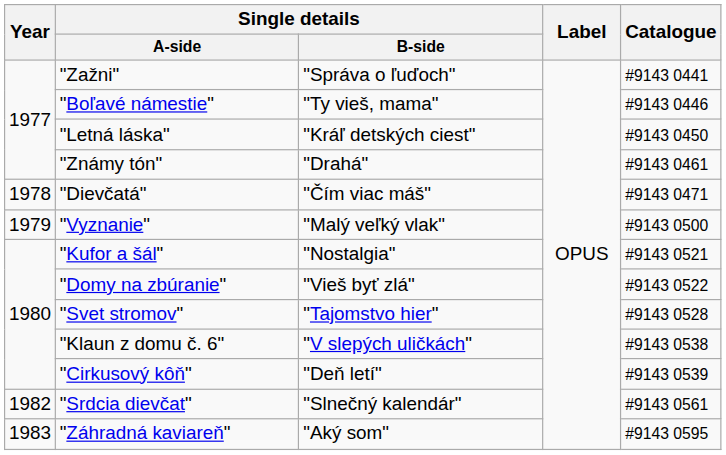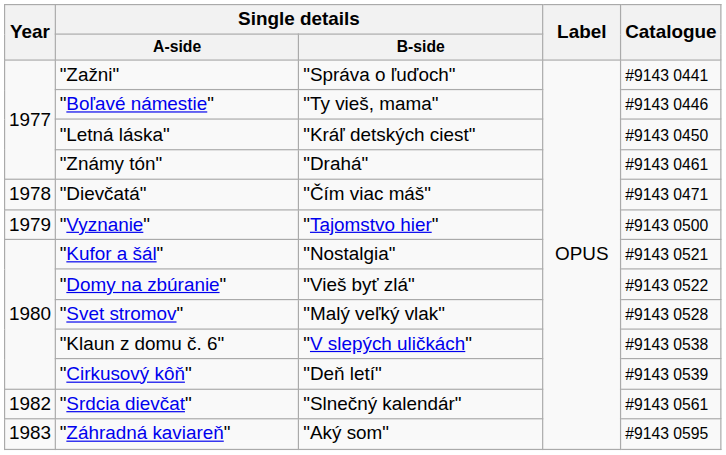 <table class="wikitable" style=text-align:left;>
 <tr>
 <th rowspan=2>Year</th>
 <th colspan=2>Single details</th>
 <th width=60 rowspan=2>Label</th>
 <th rowspan=2>Catalogue</th>
 </tr>
 <tr style=font-size:smaller;>
 <th width=210>A-side</th>
 <th width=210>B-side</th>
 </tr>
 <tr>
 <td rowspan="4">1977</td>
 <td>"Zažni"</td>
 <td>"Správa o ľuďoch"</td>
 <td rowspan="13" align="center">OPUS</td>
 <td><small>#9143 0441</small></td>
 </tr>
 <tr>
 <td>"<a href='#'>Boľavé námestie</a>"</td>
 <td>"Ty vieš, mama"</td>
 <td><small>#9143 0446</small></td>
 </tr>
 <tr>
 <td>"Letná láska"</td>
 <td>"Kráľ detských ciest"</td>
 <td><small>#9143 0450</small></td>
 </tr>
 <tr>
 <td>"Známy tón"</td>
 <td>"Drahá"</td>
 <td><small>#9143 0461</small></td>
 </tr>
 <tr>
 <td>1978</td>
 <td>"Dievčatá"</td>
 <td>"Čím viac máš"</td>
 <td><small>#9143 0471</small></td>
 </tr>
 <tr>
 <td>1979</td>
 <td>"<a href='#'>Vyznanie</a>"</td>
-<td>"Malý veľký vlak"</td>
+<td>"<a href='#'>Tajomstvo hier</a>"</td>
 <td><small>#9143 0500</small></td>
 </tr>
 <tr>
 <td rowspan="5">1980</td>
 <td>"<a href='#'>Kufor a šál</a>"</td>
 <td>"Nostalgia"</td>
 <td><small>#9143 0521</small></td>
 </tr>
 <tr>
 <td>"<a href='#'>Domy na zbúranie</a>"</td>
 <td>"Vieš byť zlá"</td>
 <td><small>#9143 0522</small></td>
 </tr>
 <tr>
 <td>"<a href='#'>Svet stromov</a>"</td>
-<td>"<a href='#'>Tajomstvo hier</a>"</td>
+<td>"Malý veľký vlak"</td>
 <td><small>#9143 0528</small></td>
 </tr>
 <tr>
 <td>"Klaun z domu č. 6"</td>
 <td>"<a href='#'>V slepých uličkách</a>"</td>
 <td><small>#9143 0538</small></td>
 </tr>
 <tr>
 <td>"<a href='#'>Cirkusový kôň</a>"</td>
 <td>"Deň letí"</td>
 <td><small>#9143 0539</small></td>
 </tr>
 <tr>
 <td>1982</td>
 <td>"<a href='#'>Srdcia dievčat</a>"</td>
 <td>"Slnečný kalendár"</td>
 <td><small>#9143 0561</small></td>
 </tr>
 <tr>
 <td>1983</td>
 <td>"<a href='#'>Záhradná kaviareň</a>"</td>
 <td>"Aký som"</td>
 <td><small>#9143 0595</small></td>
 </tr>
 </table>
